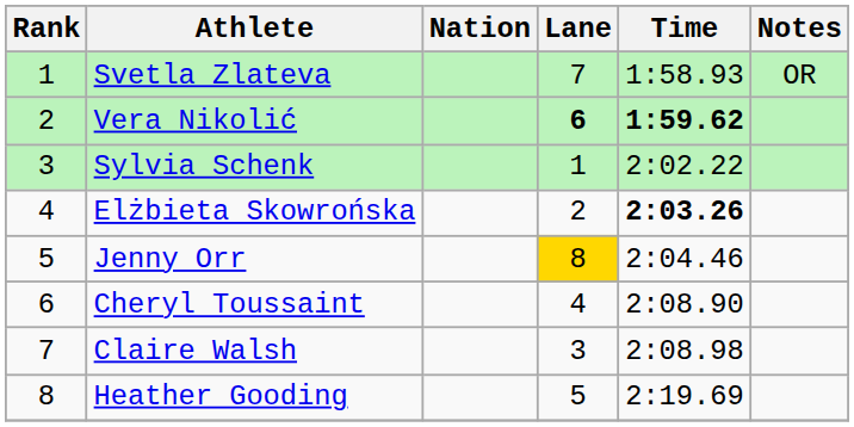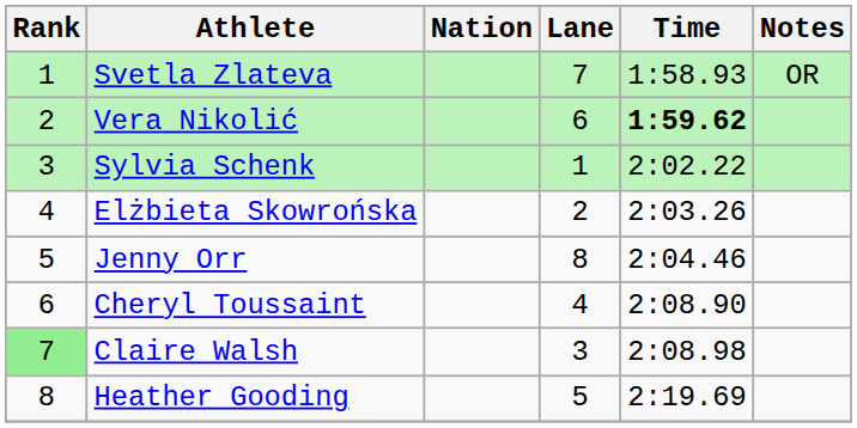 <table class="wikitable sortable" style="text-align:center">
 <tr>
 <th>Rank</th>
 <th>Athlete</th>
 <th>Nation</th>
 <th>Lane</th>
 <th>Time</th>
 <th>Notes</th>
 </tr>
 <tr bgcolor=bbf3bb>
 <td>1</td>
 <td align=left><a href='#'>Svetla Zlateva</a></td>
 <td align=left></td>
 <td>7</td>
 <td>1:58.93</td>
 <td>OR</td>
 </tr>
 <tr bgcolor=bbf3bb>
 <td>2</td>
 <td align=left><a href='#'>Vera Nikolić</a></td>
 <td align=left></td>
-<td><strong>6</strong></td>
+<td>6</td>
 <td><strong>1:59.62</strong></td>
 <td></td>
 </tr>
 <tr bgcolor=bbf3bb>
 <td>3</td>
 <td align=left><a href='#'>Sylvia Schenk</a></td>
 <td align=left></td>
 <td>1</td>
 <td>2:02.22</td>
 <td></td>
 </tr>
 <tr>
 <td>4</td>
 <td align=left><a href='#'>Elżbieta Skowrońska</a></td>
 <td align=left></td>
 <td>2</td>
-<td><strong>2:03.26</strong></td>
+<td>2:03.26</td>
 <td></td>
 </tr>
 <tr>
 <td>5</td>
 <td align=left><a href='#'>Jenny Orr</a></td>
 <td align=left></td>
-<td style="background: gold;">8</td>
+<td>8</td>
 <td>2:04.46</td>
 <td></td>
 </tr>
 <tr>
 <td>6</td>
 <td align=left><a href='#'>Cheryl Toussaint</a></td>
 <td align=left></td>
 <td>4</td>
 <td>2:08.90</td>
 <td></td>
 </tr>
 <tr>
-<td>7</td>
+<td style="background: lightgreen;">7</td>
 <td align=left><a href='#'>Claire Walsh</a></td>
 <td align=left></td>
 <td>3</td>
 <td>2:08.98</td>
 <td></td>
 </tr>
 <tr>
 <td>8</td>
 <td align=left><a href='#'>Heather Gooding</a></td>
 <td align=left></td>
 <td>5</td>
 <td>2:19.69</td>
 <td></td>
 </tr>
 <tr>
 </tr>
 </table>
